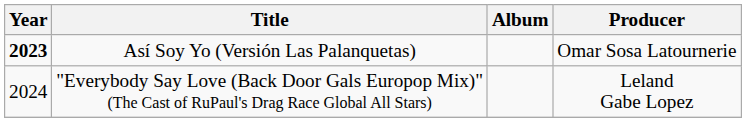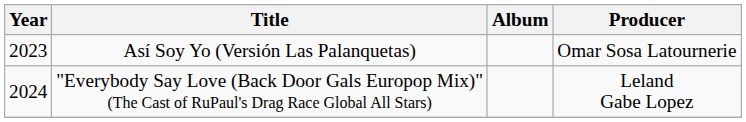 <table class="wikitable plainrowheaders" style="text-align:center;">
 <tr>
 <th>Year</th>
 <th>Title</th>
 <th>Album</th>
 <th>Producer</th>
 </tr>
 <tr>
-<td><strong>2023</strong></td>
+<td>2023</td>
 <td>Así Soy Yo (Versión Las Palanquetas)</td>
 <td></td>
 <td>Omar Sosa Latournerie</td>
 </tr>
 <tr>
 <td>2024</td>
 <td>"Everybody Say Love (Back Door Gals Europop Mix)" <br><small>(The Cast of RuPaul's Drag Race Global All Stars)</small></td>
 <td></td>
 <td>Leland<br>Gabe Lopez</td>
 </tr>
 <tr>
 </tr>
 </table>
